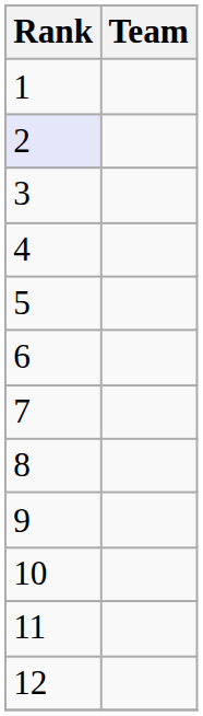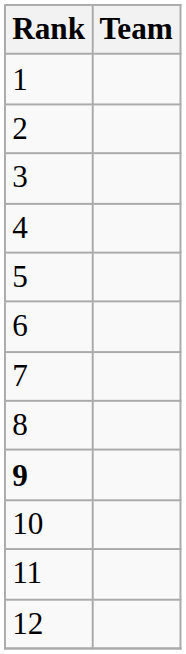 <table class=wikitable>
 <tr>
 <th>Rank</th>
 <th>Team</th>
 </tr>
 <tr>
 <td>1</td>
 <td></td>
 </tr>
 <tr>
-<td style="background: lavender;">2</td>
+<td>2</td>
 <td></td>
 </tr>
 <tr>
 <td>3</td>
 <td></td>
 </tr>
 <tr>
 <td>4</td>
 <td></td>
 </tr>
 <tr>
 <td>5</td>
 <td></td>
 </tr>
 <tr>
 <td>6</td>
 <td></td>
 </tr>
 <tr>
 <td>7</td>
 <td></td>
 </tr>
 <tr>
 <td>8</td>
 <td></td>
 </tr>
 <tr>
-<td>9</td>
+<td><strong>9</strong></td>
 <td></td>
 </tr>
 <tr>
 <td>10</td>
 <td></td>
 </tr>
 <tr>
 <td>11</td>
 <td></td>
 </tr>
 <tr>
 <td>12</td>
 <td></td>
 </tr>
 <tr>
 </tr>
 </table>
